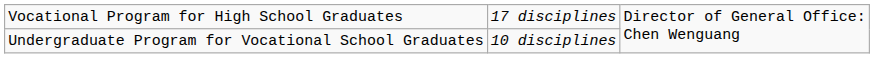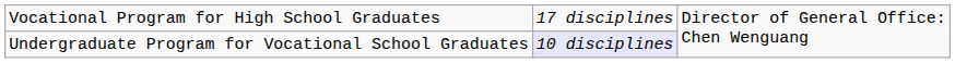 <table class="wikitable">
 <tr valign="top">
 <td>Vocational Program for High School Graduates</td>
 <td><em>17 disciplines</em></td>
 <td rowspan="2">Director of General Office:<br>Chen Wenguang</td>
 </tr>
 <tr valign="top">
 <td>Undergraduate Program for Vocational School Graduates</td>
-<td><em>10 disciplines</em></td>
+<td style="background: lavender;"><em>10 disciplines</em></td>
 </tr>
 </table>
